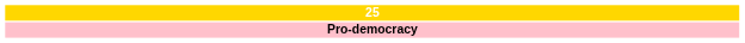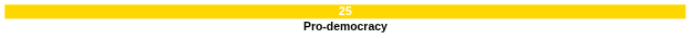 <table style="width:60%; text-align:center;">
 <tr style="color:white;">
 <td style="background:gold; width:100%;"><strong>25</strong></td>
 </tr>
 <tr>
-<td style="background: pink;"><span><strong>Pro-democracy</strong></span></td>
+<td><span><strong>Pro-democracy</strong></span></td>
 </tr>
 </table>
